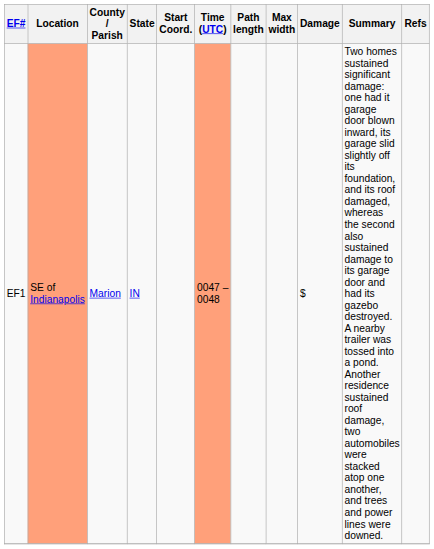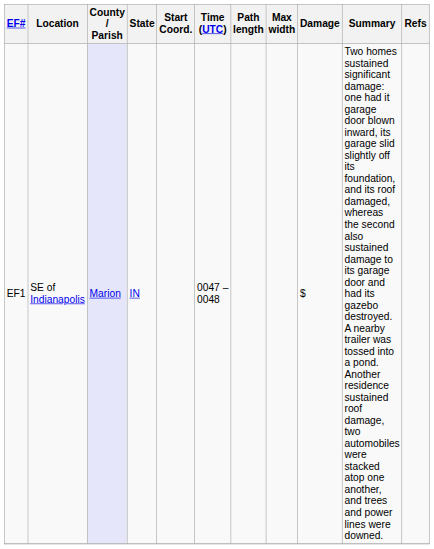 <table class="wikitable sortable" style="width:100%;">
 <tr>
 <th scope="col" width="3%" align="center"><a href='#'>EF#</a></th>
 <th scope="col" width="7%" align="center" class="unsortable">Location</th>
 <th scope="col" width="6%" align="center" class="unsortable">County / Parish</th>
 <th scope="col" width="5%" align="center">State</th>
 <th scope="col" width="6%" align="center">Start Coord.</th>
 <th scope="col" width="6%" align="center">Time (<a href='#'>UTC</a>)</th>
 <th scope="col" width="6%" align="center">Path length</th>
 <th scope="col" width="6%" align="center">Max width</th>
 <th scope="col" width="6%" align="center">Damage</th>
 <th scope="col" width="48%" class="unsortable" align="center">Summary</th>
 <th scope="col" width="48%" class="unsortable" align="center">Refs</th>
 </tr>
 <tr>
 <td>EF1</td>
-<td style="background: lightsalmon;">SE of <a href='#'>Indianapolis</a></td>
-<td><a href='#'>Marion</a></td>
+<td>SE of <a href='#'>Indianapolis</a></td>
+<td style="background: lavender;"><a href='#'>Marion</a></td>
 <td><a href='#'>IN</a></td>
 <td></td>
-<td style="background: lightsalmon;">0047 – 0048</td>
+<td>0047 – 0048</td>
 <td></td>
 <td></td>
 <td>$</td>
 <td>Two homes sustained significant damage: one had it garage door blown inward, its garage slid slightly off its foundation, and its roof damaged, whereas the second also sustained damage to its garage door and had its gazebo destroyed. A nearby trailer was tossed into a pond. Another residence sustained roof damage, two automobiles were stacked atop one another, and trees and power lines were downed.</td>
 <td></td>
 </tr>
 <tr>
 </tr>
 </table>
